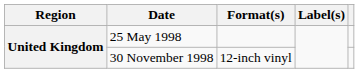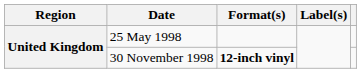 <table class="wikitable plainrowheaders">
 <tr>
 <th scope="col">Region</th>
 <th scope="col">Date</th>
 <th scope="col">Format(s)</th>
 <th scope="col">Label(s)</th>
 <th scope="col"></th>
 </tr>
 <tr>
 <th scope="row" rowspan="2">United Kingdom</th>
 <td>25 May 1998</td>
 <td></td>
 <td rowspan="2"></td>
 <td></td>
 </tr>
 <tr>
 <td>30 November 1998</td>
-<td>12-inch vinyl</td>
+<td><strong>12-inch vinyl</strong></td>
 <td></td>
 </tr>
 </table>
